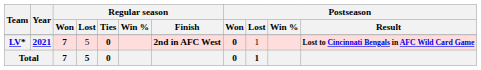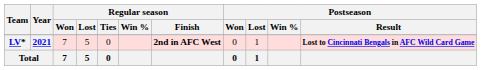 <table class="wikitable" style="font-size: 95%; text-align:center;">
 <tr>
 <th rowspan="2">Team</th>
 <th rowspan="2">Year</th>
 <th colspan="5">Regular season</th>
 <th colspan="4">Postseason</th>
 </tr>
 <tr>
 <th>Won</th>
 <th>Lost</th>
 <th>Ties</th>
 <th>Win %</th>
 <th>Finish</th>
 <th>Won</th>
 <th>Lost</th>
 <th>Win %</th>
 <th>Result</th>
 </tr>
 <tr>
 </tr>
 <tr style="background:#fdd">
 <th><a href='#'>LV</a>*</th>
 <th><a href='#'>2021</a></th>
-<td><strong>7</strong></td>
+<td>7</td>
 <td>5</td>
-<td><strong>0</strong></td>
+<td>0</td>
 <td></td>
 <td><strong>2nd in AFC West</strong></td>
-<td><strong>0</strong></td>
+<td>0</td>
 <td>1</td>
 <td></td>
 <td><small><strong>Lost to <a href='#'>Cincinnati Bengals</a> in <a href='#'>AFC Wild Card Game</a></strong></small></td>
 </tr>
 <tr>
 <th colspan="2">Total</th>
 <th>7</th>
 <th>5</th>
 <th>0</th>
 <th></th>
 <th></th>
 <th>0</th>
 <th>1</th>
 <th></th>
 <th></th>
 </tr>
 </table>
